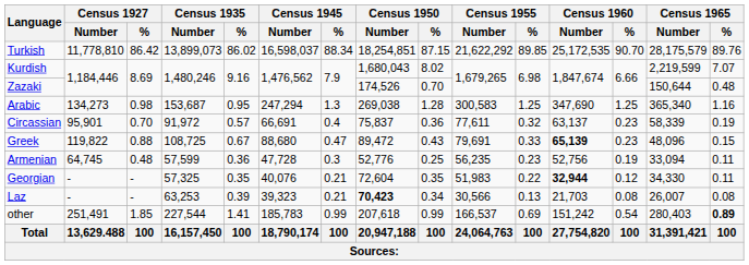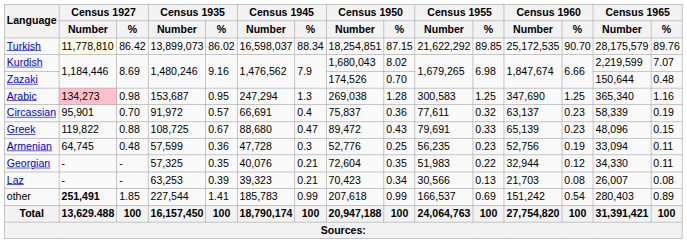 <table class="wikitable">
 <tr>
 <th rowspan="2">Language</th>
 <th colspan="2">Census 1927</th>
 <th colspan="2">Census 1935</th>
 <th colspan="2">Census 1945</th>
 <th colspan="2">Census 1950</th>
 <th colspan="2">Census 1955</th>
 <th colspan="2">Census 1960</th>
 <th colspan="2">Census 1965</th>
 </tr>
 <tr>
 <th>Number</th>
 <th>%</th>
 <th>Number</th>
 <th>%</th>
 <th>Number</th>
 <th>%</th>
 <th>Number</th>
 <th>%</th>
 <th>Number</th>
 <th>%</th>
 <th>Number</th>
 <th>%</th>
 <th>Number</th>
 <th>%</th>
 </tr>
 <tr>
 <td><a href='#'>Turkish</a></td>
-<td>11,778,810</td>
+<td style="background: lightyellow;">11,778,810</td>
 <td>86.42</td>
 <td>13,899,073</td>
 <td>86.02</td>
 <td>16,598,037</td>
 <td>88.34</td>
 <td>18,254,851</td>
 <td>87.15</td>
 <td>21,622,292</td>
 <td>89.85</td>
 <td>25,172,535</td>
 <td>90.70</td>
 <td>28,175,579</td>
 <td>89.76</td>
 </tr>
 <tr>
 <td><a href='#'>Kurdish</a></td>
 <td rowspan="2">1,184,446</td>
 <td rowspan="2">8.69</td>
 <td rowspan="2">1,480,246</td>
 <td rowspan="2">9.16</td>
 <td rowspan="2">1,476,562</td>
 <td rowspan="2">7.9</td>
 <td>1,680,043</td>
 <td>8.02</td>
 <td rowspan="2">1,679,265</td>
 <td rowspan="2">6.98</td>
 <td rowspan="2">1,847,674</td>
 <td rowspan="2">6.66</td>
 <td>2,219,599</td>
 <td>7.07</td>
 </tr>
 <tr>
 <td><a href='#'>Zazaki</a></td>
 <td>174,526</td>
 <td>0.70</td>
 <td>150,644</td>
 <td>0.48</td>
 </tr>
 <tr>
 <td><a href='#'>Arabic</a></td>
-<td>134,273</td>
+<td style="background: pink;">134,273</td>
 <td>0.98</td>
 <td>153,687</td>
 <td>0.95</td>
 <td>247,294</td>
 <td>1.3</td>
 <td>269,038</td>
 <td>1.28</td>
 <td>300,583</td>
 <td>1.25</td>
 <td>347,690</td>
 <td>1.25</td>
 <td>365,340</td>
 <td>1.16</td>
 </tr>
 <tr>
 <td><a href='#'>Circassian</a></td>
 <td>95,901</td>
 <td>0.70</td>
 <td>91,972</td>
 <td>0.57</td>
 <td>66,691</td>
 <td>0.4</td>
 <td>75,837</td>
 <td>0.36</td>
 <td>77,611</td>
 <td>0.32</td>
 <td>63,137</td>
 <td>0.23</td>
 <td>58,339</td>
 <td>0.19</td>
 </tr>
 <tr>
 <td><a href='#'>Greek</a></td>
 <td>119,822</td>
 <td>0.88</td>
 <td>108,725</td>
 <td>0.67</td>
 <td>88,680</td>
 <td>0.47</td>
 <td>89,472</td>
 <td>0.43</td>
 <td>79,691</td>
 <td>0.33</td>
-<td><strong>65,139</strong></td>
+<td>65,139</td>
 <td>0.23</td>
 <td>48,096</td>
 <td>0.15</td>
 </tr>
 <tr>
 <td><a href='#'>Armenian</a></td>
 <td>64,745</td>
 <td>0.48</td>
 <td>57,599</td>
 <td>0.36</td>
 <td>47,728</td>
 <td>0.3</td>
 <td>52,776</td>
 <td>0.25</td>
 <td>56,235</td>
 <td>0.23</td>
 <td>52,756</td>
 <td>0.19</td>
 <td>33,094</td>
 <td>0.11</td>
 </tr>
 <tr>
 <td><a href='#'>Georgian</a></td>
 <td>-</td>
 <td>-</td>
 <td>57,325</td>
 <td>0.35</td>
 <td>40,076</td>
 <td>0.21</td>
 <td>72,604</td>
 <td>0.35</td>
 <td>51,983</td>
 <td>0.22</td>
-<td><strong>32,944</strong></td>
+<td>32,944</td>
 <td>0.12</td>
 <td>34,330</td>
 <td>0.11</td>
 </tr>
 <tr>
 <td><a href='#'>Laz</a></td>
 <td>-</td>
 <td>-</td>
 <td>63,253</td>
 <td>0.39</td>
 <td>39,323</td>
 <td>0.21</td>
-<td><strong>70,423</strong></td>
+<td>70,423</td>
 <td>0.34</td>
 <td>30,566</td>
 <td>0.13</td>
 <td>21,703</td>
 <td>0.08</td>
 <td>26,007</td>
 <td>0.08</td>
 </tr>
 <tr>
 <td>other</td>
-<td>251,491</td>
+<td><strong>251,491</strong></td>
 <td>1.85</td>
 <td>227,544</td>
 <td>1.41</td>
 <td>185,783</td>
 <td>0.99</td>
 <td>207,618</td>
 <td>0.99</td>
 <td>166,537</td>
 <td>0.69</td>
 <td>151,242</td>
 <td>0.54</td>
 <td>280,403</td>
-<td><strong>0.89</strong></td>
+<td>0.89</td>
 </tr>
 <tr>
 <th>Total</th>
 <th>13,629.488</th>
 <th>100</th>
 <th>16,157,450</th>
 <th>100</th>
 <th>18,790,174</th>
 <th>100</th>
 <th>20,947,188</th>
 <th>100</th>
 <th>24,064,763</th>
 <th>100</th>
 <th>27,754,820</th>
 <th>100</th>
 <th>31,391,421</th>
 <th>100</th>
 </tr>
 <tr>
 <th colspan="15">Sources:</th>
 </tr>
 </table>
